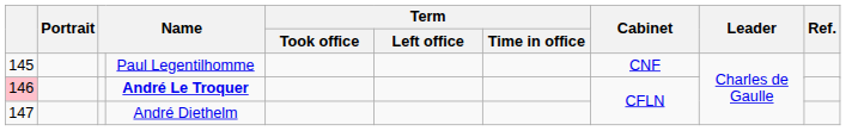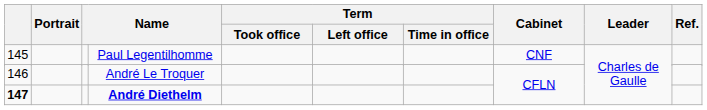 <table class="wikitable" style="text-align:center; width:100%">
 <tr>
 <th style="width:2%" rowspan=2></th>
 <th style="width:5%" rowspan=2>Portrait</th>
 <th style="width:20%" rowspan=2, colspan=2>Name</th>
 <th colspan=3>Term</th>
 <th style="width:13%" rowspan=2>Cabinet</th>
 <th rowspan=2>Leader</th>
 <th style="width:2%" rowspan=2>Ref.</th>
 </tr>
 <tr>
 <th style="width:13%">Took office</th>
 <th style="width:13%">Left office</th>
 <th style="width:13%">Time in office</th>
 </tr>
 <tr>
 <td rowspan=2>145</td>
 <td rowspan=2></td>
 <td rowspan=2 style="background:"></td>
 <td rowspan=2><a href='#'>Paul Legentilhomme</a></td>
 <td rowspan=2></td>
 <td rowspan=2></td>
 <td rowspan=2></td>
 <td><a href='#'>CNF</a></td>
 <td rowspan=4><a href='#'>Charles de Gaulle</a></td>
 <td rowspan=2></td>
 </tr>
 <tr>
 <td rowspan=3><a href='#'>CFLN</a></td>
 </tr>
 <tr>
-<td style="background: pink;">146</td>
+<td>146</td>
 <td></td>
 <td style="background:"></td>
-<td><strong><a href='#'>André Le Troquer</a></strong></td>
+<td><a href='#'>André Le Troquer</a></td>
 <td></td>
 <td></td>
 <td></td>
 <td></td>
 </tr>
 <tr>
-<td>147</td>
+<td><strong>147</strong></td>
 <td></td>
 <td style="background:"></td>
-<td><a href='#'>André Diethelm</a></td>
+<td><strong><a href='#'>André Diethelm</a></strong></td>
 <td></td>
 <td></td>
 <td></td>
 <td></td>
 </tr>
 </table>
